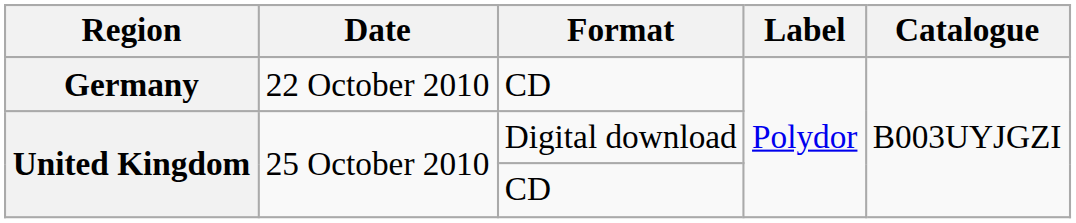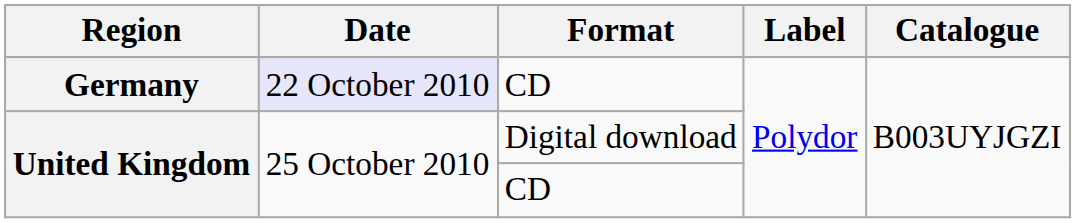 <table class="wikitable plainrowheaders">
 <tr>
 <th>Region</th>
 <th>Date</th>
 <th>Format</th>
 <th>Label</th>
 <th>Catalogue</th>
 </tr>
 <tr>
 <th scope="row">Germany</th>
-<td>22 October 2010</td>
+<td style="background: lavender;">22 October 2010</td>
 <td>CD</td>
 <td rowspan="3"><a href='#'>Polydor</a></td>
 <td rowspan="3">B003UYJGZI</td>
 </tr>
 <tr>
 <th scope="row" rowspan="2">United Kingdom</th>
 <td rowspan="2">25 October 2010</td>
 <td>Digital download</td>
 </tr>
 <tr>
 <td>CD</td>
 </tr>
 </table>
